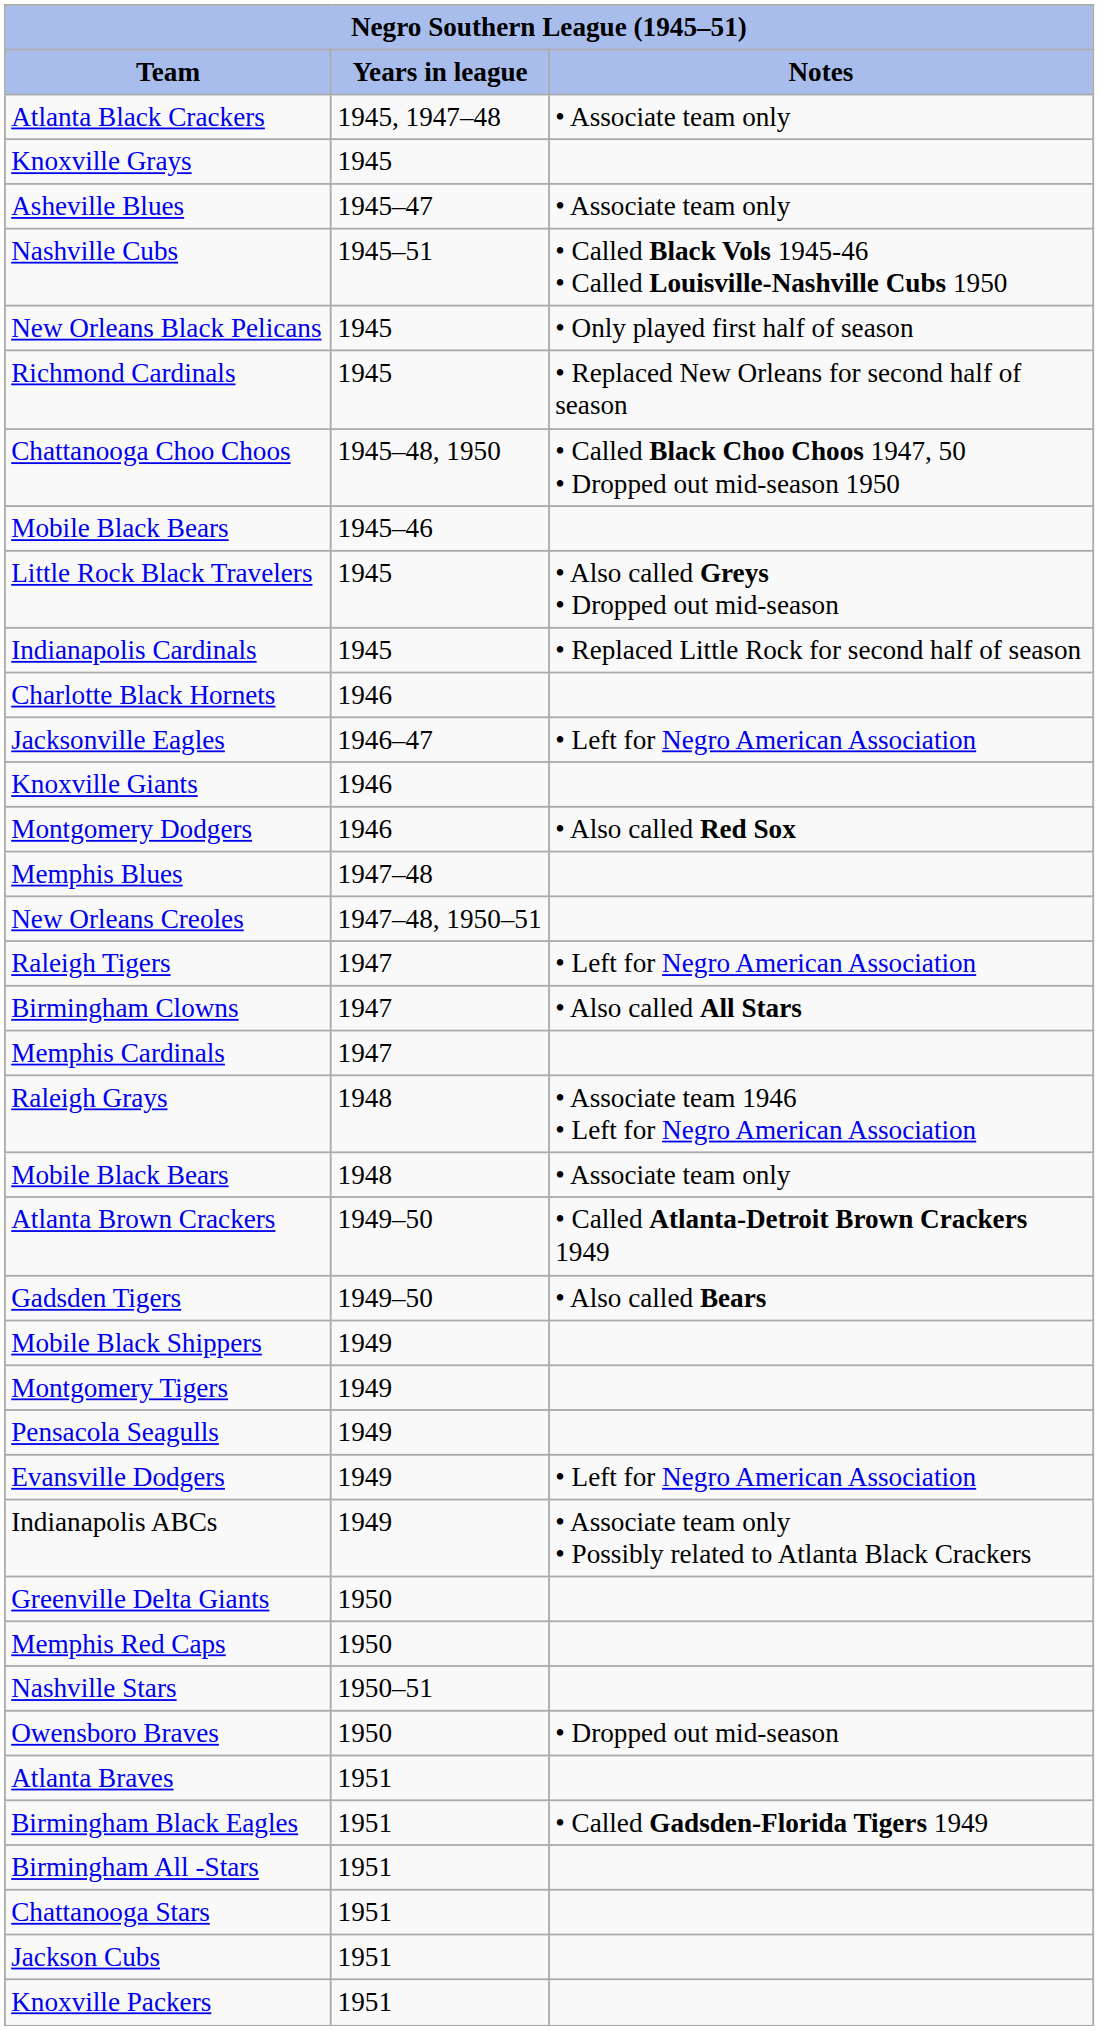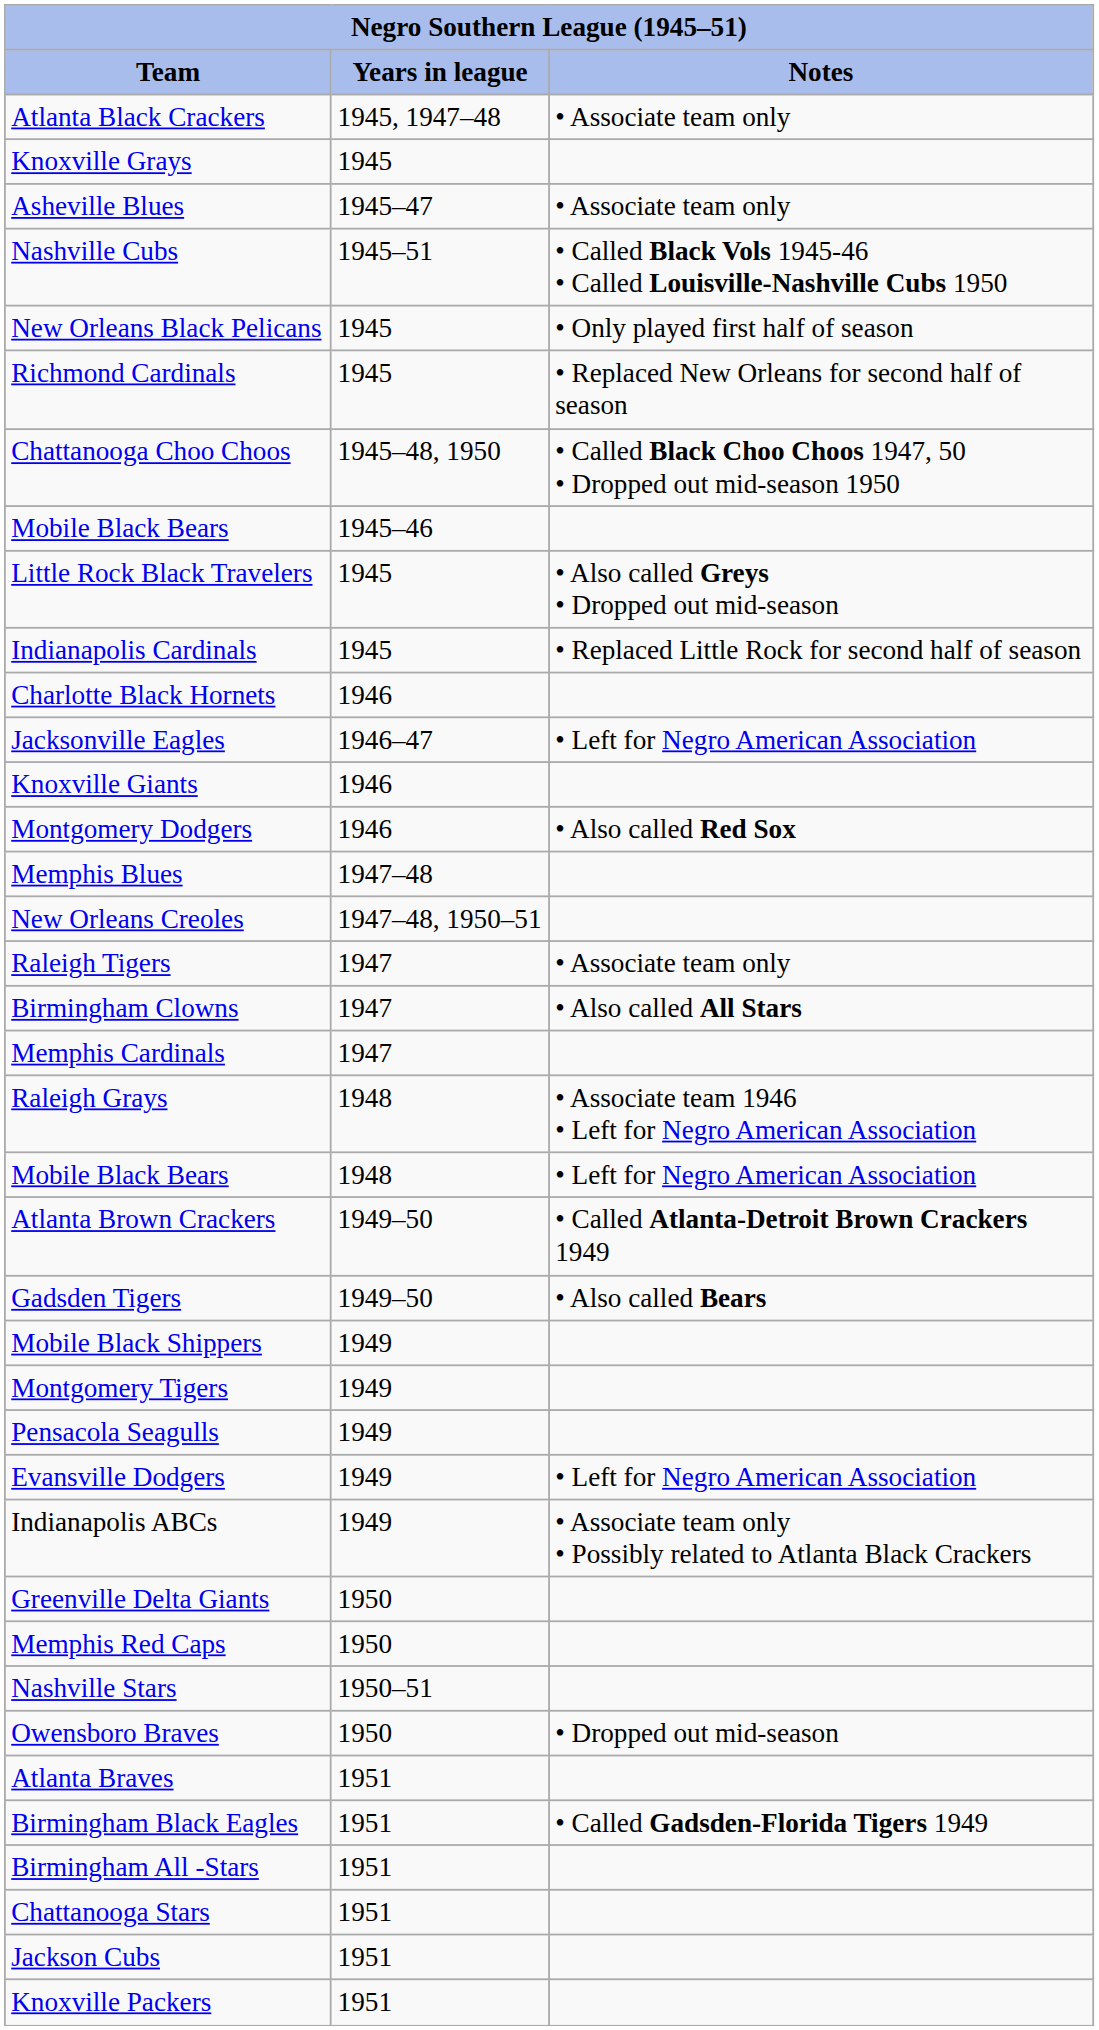 <table class="wikitable" style="font-size: 95%;">
 <tr>
 <td colspan="3" style="background:#a8bdec; text-align: center;"><strong>Negro Southern League (1945–51)</strong></td>
 </tr>
 <tr>
 <th style="background:#a8bdec; width:30%;">Team</th>
 <th style="width:20%; background:#a8bdec;">Years in league</th>
 <th style="width:50%; background:#a8bdec;">Notes</th>
 </tr>
 <tr style="vertical-align: top;">
 <td><a href='#'>Atlanta Black Crackers</a></td>
 <td>1945, 1947–48</td>
 <td>• Associate team only</td>
 </tr>
 <tr style="vertical-align: top;">
 <td><a href='#'>Knoxville Grays</a></td>
 <td>1945</td>
 <td></td>
 </tr>
 <tr style="vertical-align: top;">
 <td><a href='#'>Asheville Blues</a></td>
 <td>1945–47</td>
 <td>• Associate team only</td>
 </tr>
 <tr style="vertical-align: top;">
 <td><a href='#'>Nashville Cubs</a></td>
 <td>1945–51</td>
 <td>• Called <strong>Black Vols</strong> 1945-46<br>• Called <strong>Louisville-Nashville Cubs</strong> 1950</td>
 </tr>
 <tr style="vertical-align: top;">
 <td><a href='#'>New Orleans Black Pelicans</a></td>
 <td>1945</td>
 <td>• Only played first half of season</td>
 </tr>
 <tr style="vertical-align: top;">
 <td><a href='#'>Richmond Cardinals</a></td>
 <td>1945</td>
 <td>• Replaced New Orleans for second half of season</td>
 </tr>
 <tr style="vertical-align: top;">
 <td><a href='#'>Chattanooga Choo Choos</a></td>
 <td>1945–48, 1950</td>
 <td>• Called <strong>Black Choo Choos</strong> 1947, 50<br>• Dropped out mid-season 1950</td>
 </tr>
 <tr style="vertical-align: top;">
 <td><a href='#'>Mobile Black Bears</a></td>
 <td>1945–46</td>
 <td></td>
 </tr>
 <tr style="vertical-align: top;">
 <td><a href='#'>Little Rock Black Travelers</a></td>
 <td>1945</td>
 <td>• Also called <strong>Greys</strong><br>• Dropped out mid-season</td>
 </tr>
 <tr style="vertical-align: top;">
 <td><a href='#'>Indianapolis Cardinals</a></td>
 <td>1945</td>
 <td>• Replaced Little Rock for second half of season</td>
 </tr>
 <tr style="vertical-align: top;">
 <td><a href='#'>Charlotte Black Hornets</a></td>
 <td>1946</td>
 <td></td>
 </tr>
 <tr style="vertical-align: top;">
 <td><a href='#'>Jacksonville Eagles</a></td>
 <td>1946–47</td>
 <td>• Left for <a href='#'>Negro American Association</a></td>
 </tr>
 <tr style="vertical-align: top;">
 <td><a href='#'>Knoxville Giants</a></td>
 <td>1946</td>
 <td></td>
 </tr>
 <tr style="vertical-align: top;">
 <td><a href='#'>Montgomery Dodgers</a></td>
 <td>1946</td>
 <td>• Also called <strong>Red Sox</strong></td>
 </tr>
 <tr style="vertical-align: top;">
 <td><a href='#'>Memphis Blues</a></td>
 <td>1947–48</td>
 <td></td>
 </tr>
 <tr style="vertical-align: top;">
 <td><a href='#'>New Orleans Creoles</a></td>
 <td>1947–48, 1950–51</td>
 <td></td>
 </tr>
 <tr style="vertical-align: top;">
 <td><a href='#'>Raleigh Tigers</a></td>
 <td>1947</td>
-<td>• Left for <a href='#'>Negro American Association</a></td>
+<td>• Associate team only</td>
 </tr>
 <tr style="vertical-align: top;">
 <td><a href='#'>Birmingham Clowns</a></td>
 <td>1947</td>
 <td>• Also called <strong>All Stars</strong></td>
 </tr>
 <tr style="vertical-align: top;">
 <td><a href='#'>Memphis Cardinals</a></td>
 <td>1947</td>
 <td></td>
 </tr>
 <tr style="vertical-align: top;">
 <td><a href='#'>Raleigh Grays</a></td>
 <td>1948</td>
 <td>• Associate team 1946<br>• Left for <a href='#'>Negro American Association</a></td>
 </tr>
 <tr style="vertical-align: top;">
 <td><a href='#'>Mobile Black Bears</a></td>
 <td>1948</td>
-<td>• Associate team only</td>
+<td>• Left for <a href='#'>Negro American Association</a></td>
 </tr>
 <tr style="vertical-align: top;">
 <td><a href='#'>Atlanta Brown Crackers</a></td>
 <td>1949–50</td>
 <td>• Called <strong>Atlanta-Detroit Brown Crackers</strong> 1949</td>
 </tr>
 <tr style="vertical-align: top;">
 <td><a href='#'>Gadsden Tigers</a></td>
 <td>1949–50</td>
 <td>• Also called <strong>Bears</strong></td>
 </tr>
 <tr style="vertical-align: top;">
 <td><a href='#'>Mobile Black Shippers</a></td>
 <td>1949</td>
 <td></td>
 </tr>
 <tr style="vertical-align: top;">
 <td><a href='#'>Montgomery Tigers</a></td>
 <td>1949</td>
 <td></td>
 </tr>
 <tr style="vertical-align: top;">
 <td><a href='#'>Pensacola Seagulls</a></td>
 <td>1949</td>
 <td></td>
 </tr>
 <tr style="vertical-align: top;">
 <td><a href='#'>Evansville Dodgers</a></td>
 <td>1949</td>
 <td>• Left for <a href='#'>Negro American Association</a></td>
 </tr>
 <tr style="vertical-align: top;">
 <td>Indianapolis ABCs</td>
 <td>1949</td>
 <td>• Associate team only<br>• Possibly related to Atlanta Black Crackers</td>
 </tr>
 <tr style="vertical-align: top;">
 <td><a href='#'>Greenville Delta Giants</a></td>
 <td>1950</td>
 <td></td>
 </tr>
 <tr style="vertical-align: top;">
 <td><a href='#'>Memphis Red Caps</a></td>
 <td>1950</td>
 <td></td>
 </tr>
 <tr style="vertical-align: top;">
 <td><a href='#'>Nashville Stars</a></td>
 <td>1950–51</td>
 <td></td>
 </tr>
 <tr style="vertical-align: top;">
 <td><a href='#'>Owensboro Braves</a></td>
 <td>1950</td>
 <td>• Dropped out mid-season</td>
 </tr>
 <tr style="vertical-align: top;">
 <td><a href='#'>Atlanta Braves</a></td>
 <td>1951</td>
 <td></td>
 </tr>
 <tr style="vertical-align: top;">
 <td><a href='#'>Birmingham Black Eagles</a></td>
 <td>1951</td>
 <td>• Called <strong>Gadsden-Florida Tigers</strong> 1949</td>
 </tr>
 <tr style="vertical-align: top;">
 <td><a href='#'>Birmingham All -Stars</a></td>
 <td>1951</td>
 <td></td>
 </tr>
 <tr style="vertical-align: top;">
 <td><a href='#'>Chattanooga Stars</a></td>
 <td>1951</td>
 <td></td>
 </tr>
 <tr style="vertical-align: top;">
 <td><a href='#'>Jackson Cubs</a></td>
 <td>1951</td>
 <td></td>
 </tr>
 <tr style="vertical-align: top;">
 <td><a href='#'>Knoxville Packers</a></td>
 <td>1951</td>
 <td></td>
 </tr>
 </table>
